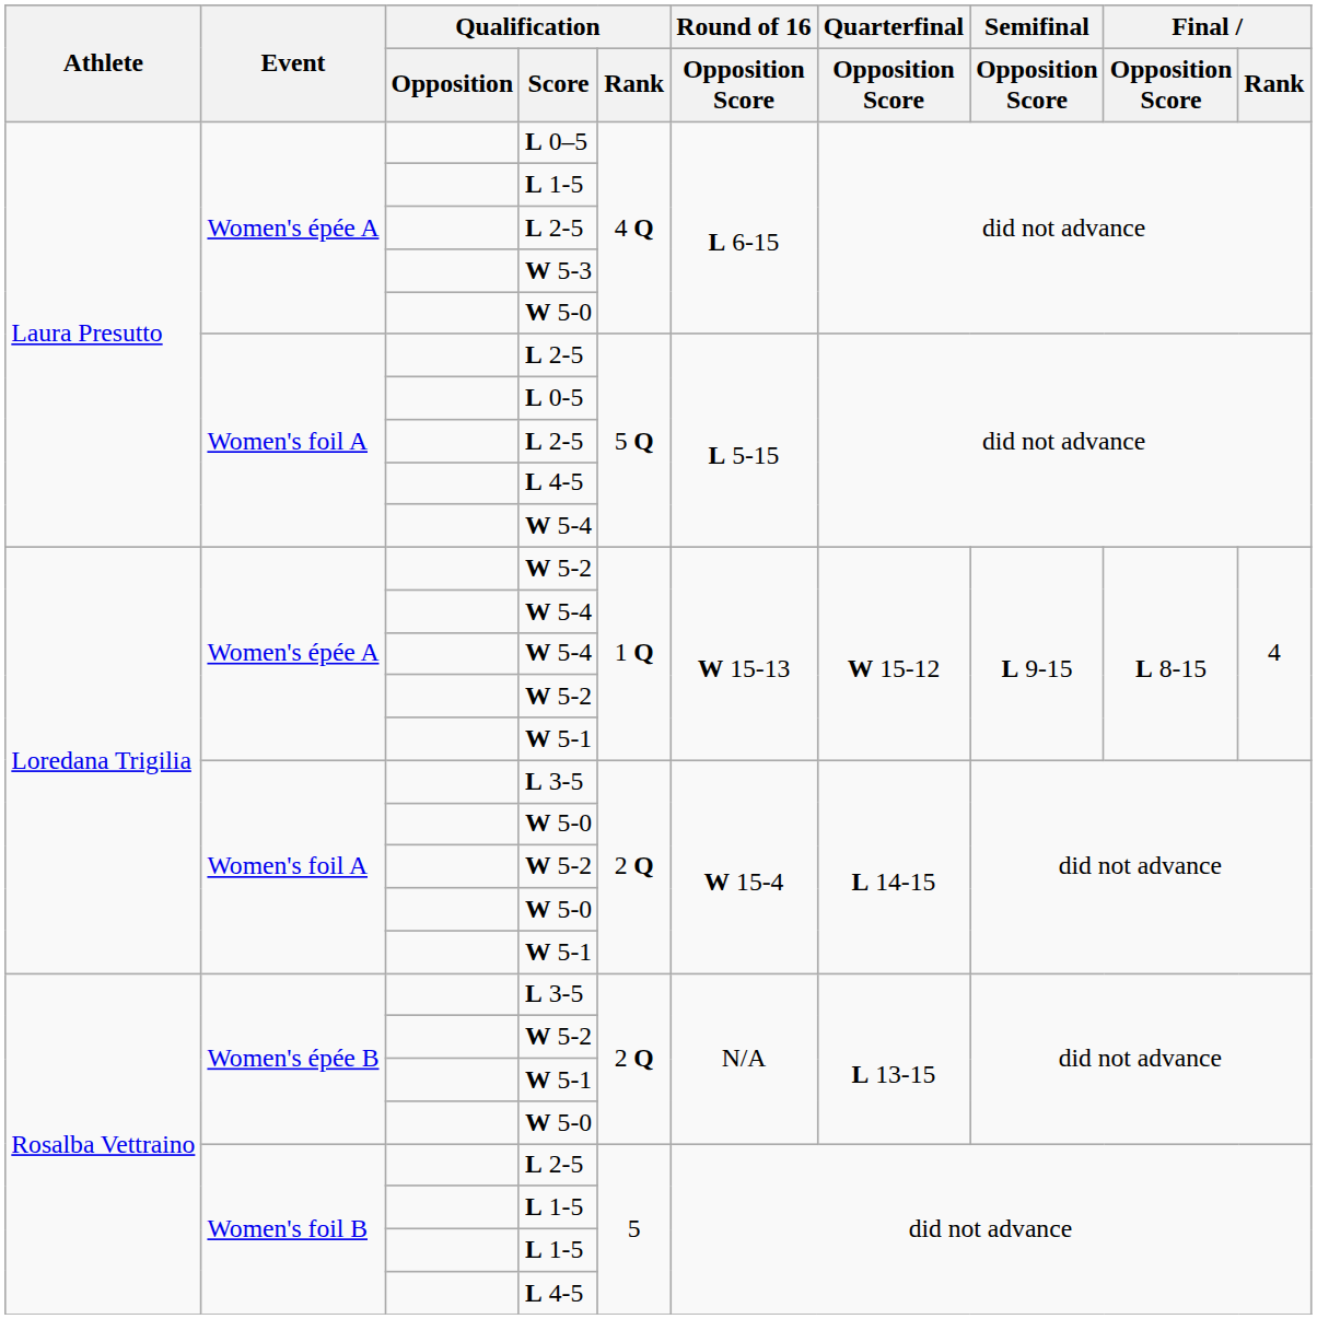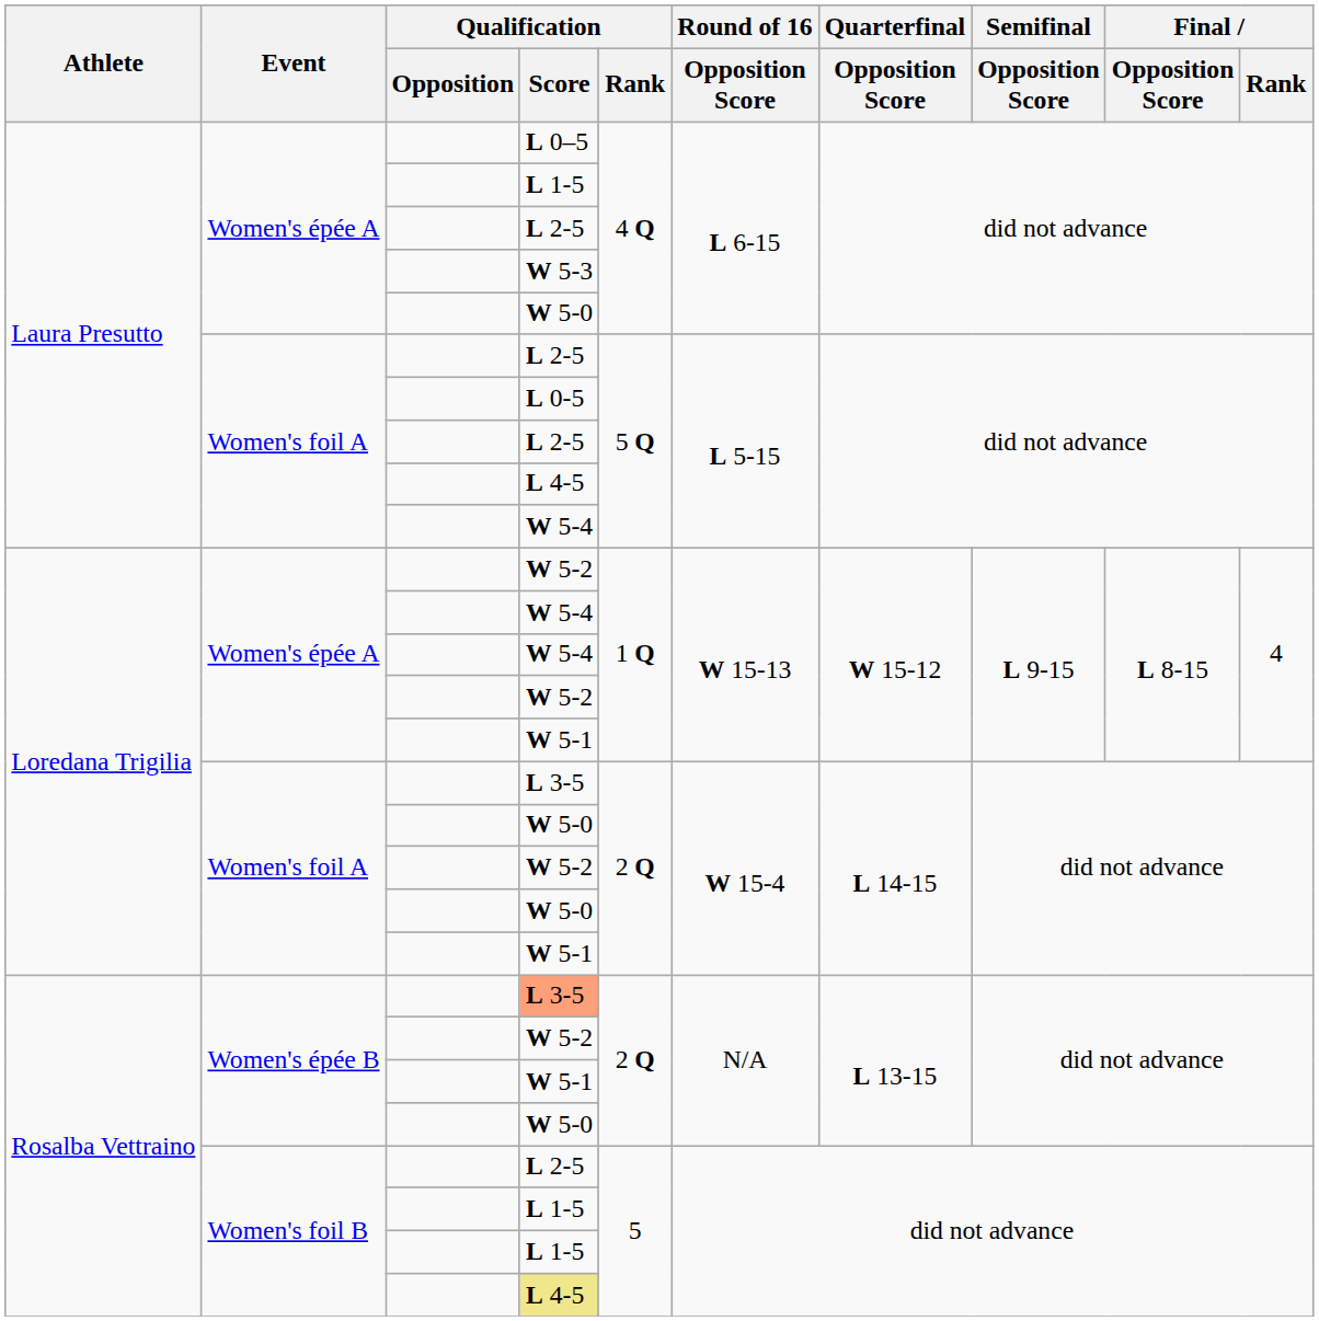 <table class=wikitable style="font-size:90%">
 <tr>
 <th rowspan="2">Athlete</th>
 <th rowspan="2">Event</th>
 <th colspan="3">Qualification</th>
 <th>Round of 16</th>
 <th>Quarterfinal</th>
 <th>Semifinal</th>
 <th colspan="2">Final / </th>
 </tr>
 <tr>
 <th>Opposition</th>
 <th>Score</th>
 <th>Rank</th>
 <th>Opposition<br>Score</th>
 <th>Opposition<br>Score</th>
 <th>Opposition<br>Score</th>
 <th>Opposition<br>Score</th>
 <th>Rank</th>
 </tr>
 <tr>
 <td rowspan=10><a href='#'>Laura Presutto</a></td>
 <td rowspan=5><a href='#'>Women's épée A</a></td>
 <td></td>
 <td><strong>L</strong> 0–5</td>
 <td align="center" rowspan=5>4 <strong>Q</strong></td>
 <td align="center" rowspan=5><br><strong>L</strong> 6-15</td>
 <td align="center" rowspan=5 colspan=4>did not advance</td>
 </tr>
 <tr>
 <td></td>
 <td><strong>L</strong> 1-5</td>
 </tr>
 <tr>
 <td></td>
 <td><strong>L</strong> 2-5</td>
 </tr>
 <tr>
 <td></td>
 <td><strong>W</strong> 5-3</td>
 </tr>
 <tr>
 <td></td>
 <td><strong>W</strong> 5-0</td>
 </tr>
 <tr>
 <td rowspan=5><a href='#'>Women's foil A</a></td>
 <td></td>
 <td><strong>L</strong> 2-5</td>
 <td align="center" rowspan=5>5 <strong>Q</strong></td>
 <td align="center" rowspan=5><br><strong>L</strong> 5-15</td>
 <td align="center" rowspan=5 colspan=4>did not advance</td>
 </tr>
 <tr>
 <td></td>
 <td><strong>L</strong> 0-5</td>
 </tr>
 <tr>
 <td></td>
 <td><strong>L</strong> 2-5</td>
 </tr>
 <tr>
 <td></td>
 <td><strong>L</strong> 4-5</td>
 </tr>
 <tr>
 <td></td>
 <td><strong>W</strong> 5-4</td>
 </tr>
 <tr>
 <td rowspan=10><a href='#'>Loredana Trigilia</a></td>
 <td rowspan=5><a href='#'>Women's épée A</a></td>
 <td></td>
 <td><strong>W</strong> 5-2</td>
 <td align="center" rowspan=5>1 <strong>Q</strong></td>
 <td align="center" rowspan=5><br><strong>W</strong> 15-13</td>
 <td align="center" rowspan=5><br><strong>W</strong> 15-12</td>
 <td align="center" rowspan=5><br><strong>L</strong> 9-15</td>
 <td align="center" rowspan=5><br><strong>L</strong> 8-15</td>
 <td align="center" rowspan=5>4</td>
 </tr>
 <tr>
 <td></td>
 <td><strong>W</strong> 5-4</td>
 </tr>
 <tr>
 <td></td>
 <td><strong>W</strong> 5-4</td>
 </tr>
 <tr>
 <td></td>
 <td><strong>W</strong> 5-2</td>
 </tr>
 <tr>
 <td></td>
 <td><strong>W</strong> 5-1</td>
 </tr>
 <tr>
 <td rowspan=5><a href='#'>Women's foil A</a></td>
 <td></td>
 <td><strong>L</strong> 3-5</td>
 <td align="center" rowspan=5>2 <strong>Q</strong></td>
 <td align="center" rowspan=5><br><strong>W</strong> 15-4</td>
 <td align="center" rowspan=5><br><strong>L</strong> 14-15</td>
 <td align="center" rowspan=5 colspan=3>did not advance</td>
 </tr>
 <tr>
 <td></td>
 <td><strong>W</strong> 5-0</td>
 </tr>
 <tr>
 <td></td>
 <td><strong>W</strong> 5-2</td>
 </tr>
 <tr>
 <td></td>
 <td><strong>W</strong> 5-0</td>
 </tr>
 <tr>
 <td></td>
 <td><strong>W</strong> 5-1</td>
 </tr>
 <tr>
 <td rowspan=8><a href='#'>Rosalba Vettraino</a></td>
 <td rowspan=4><a href='#'>Women's épée B</a></td>
 <td></td>
-<td><strong>L</strong> 3-5</td>
+<td style="background: lightsalmon;"><strong>L</strong> 3-5</td>
 <td align="center" rowspan=4>2 <strong>Q</strong></td>
 <td align="center" rowspan=4>N/A</td>
 <td align="center" rowspan=4><br><strong>L</strong> 13-15</td>
 <td align="center" rowspan=4 colspan=3>did not advance</td>
 </tr>
 <tr>
 <td></td>
 <td><strong>W</strong> 5-2</td>
 </tr>
 <tr>
 <td></td>
 <td><strong>W</strong> 5-1</td>
 </tr>
 <tr>
 <td></td>
 <td><strong>W</strong> 5-0</td>
 </tr>
 <tr>
 <td rowspan=4><a href='#'>Women's foil B</a></td>
 <td></td>
 <td><strong>L</strong> 2-5</td>
 <td align="center" rowspan=4>5</td>
 <td align="center" rowspan=4 colspan=5>did not advance</td>
 </tr>
 <tr>
 <td></td>
 <td><strong>L</strong> 1-5</td>
 </tr>
 <tr>
 <td></td>
 <td><strong>L</strong> 1-5</td>
 </tr>
 <tr>
 <td></td>
-<td><strong>L</strong> 4-5</td>
+<td style="background: khaki;"><strong>L</strong> 4-5</td>
 </tr>
 </table>
